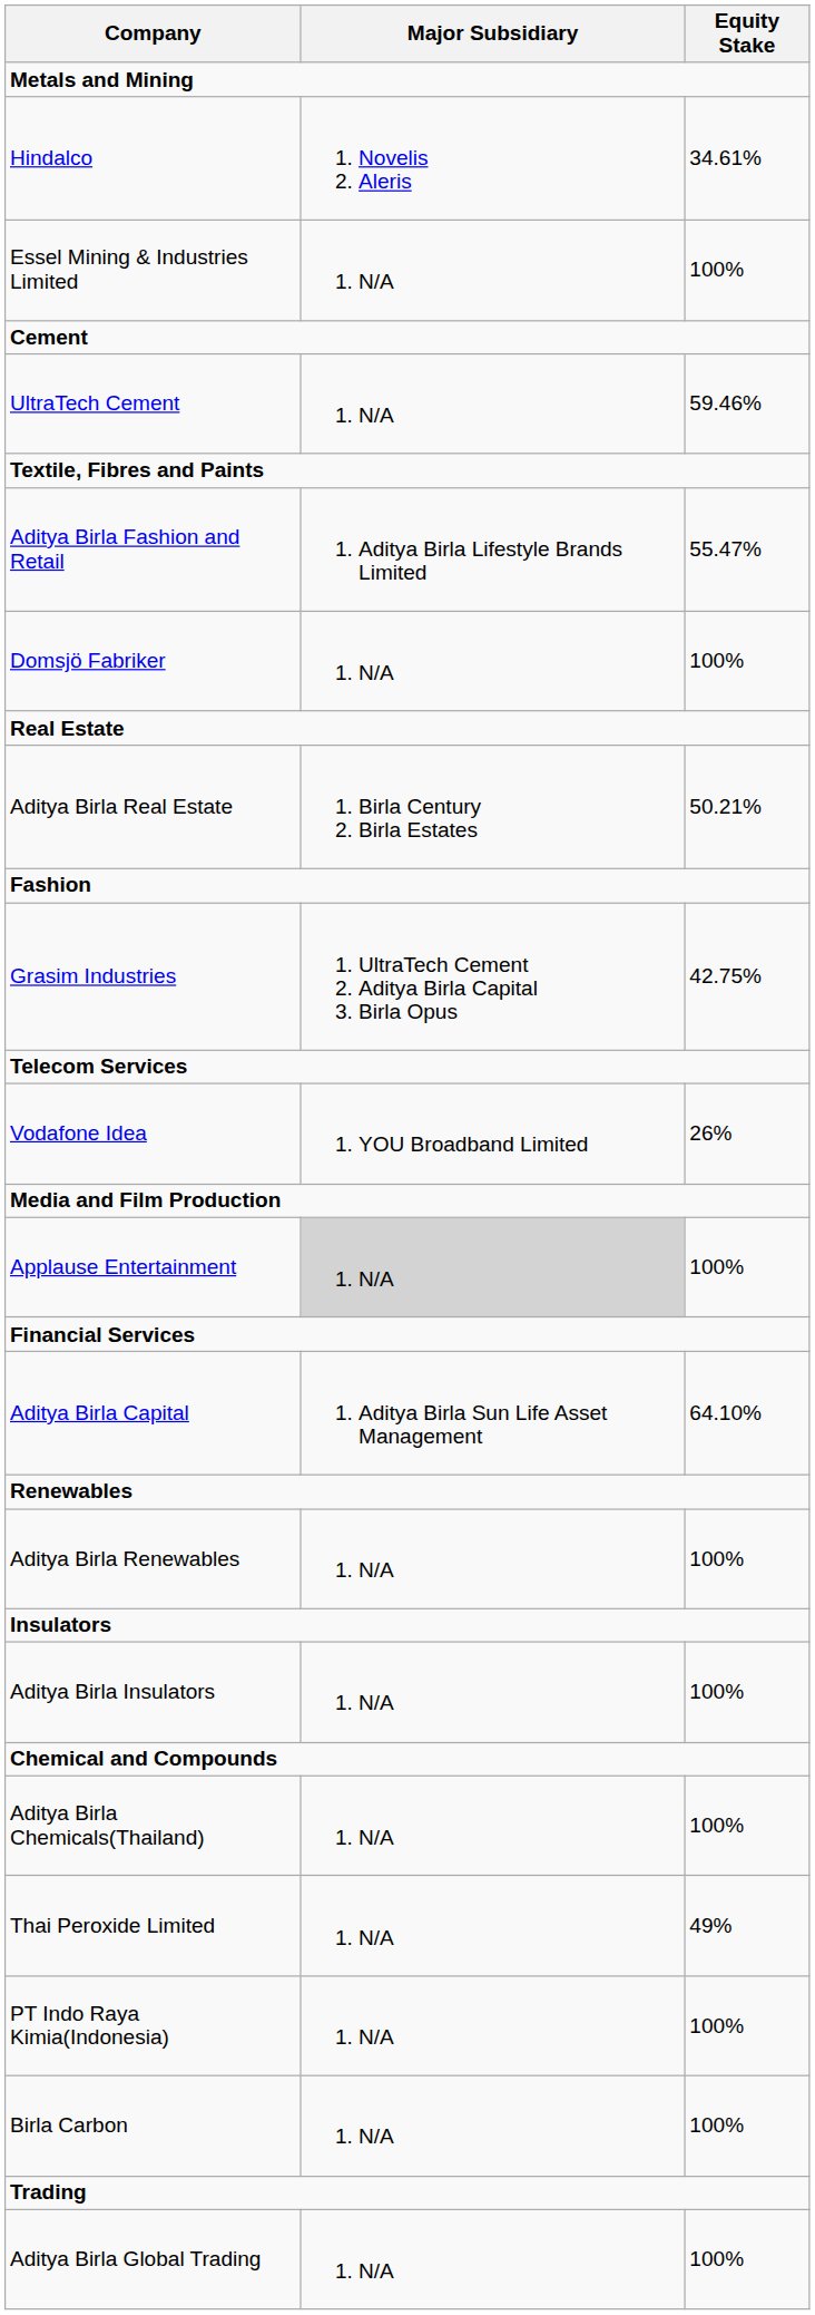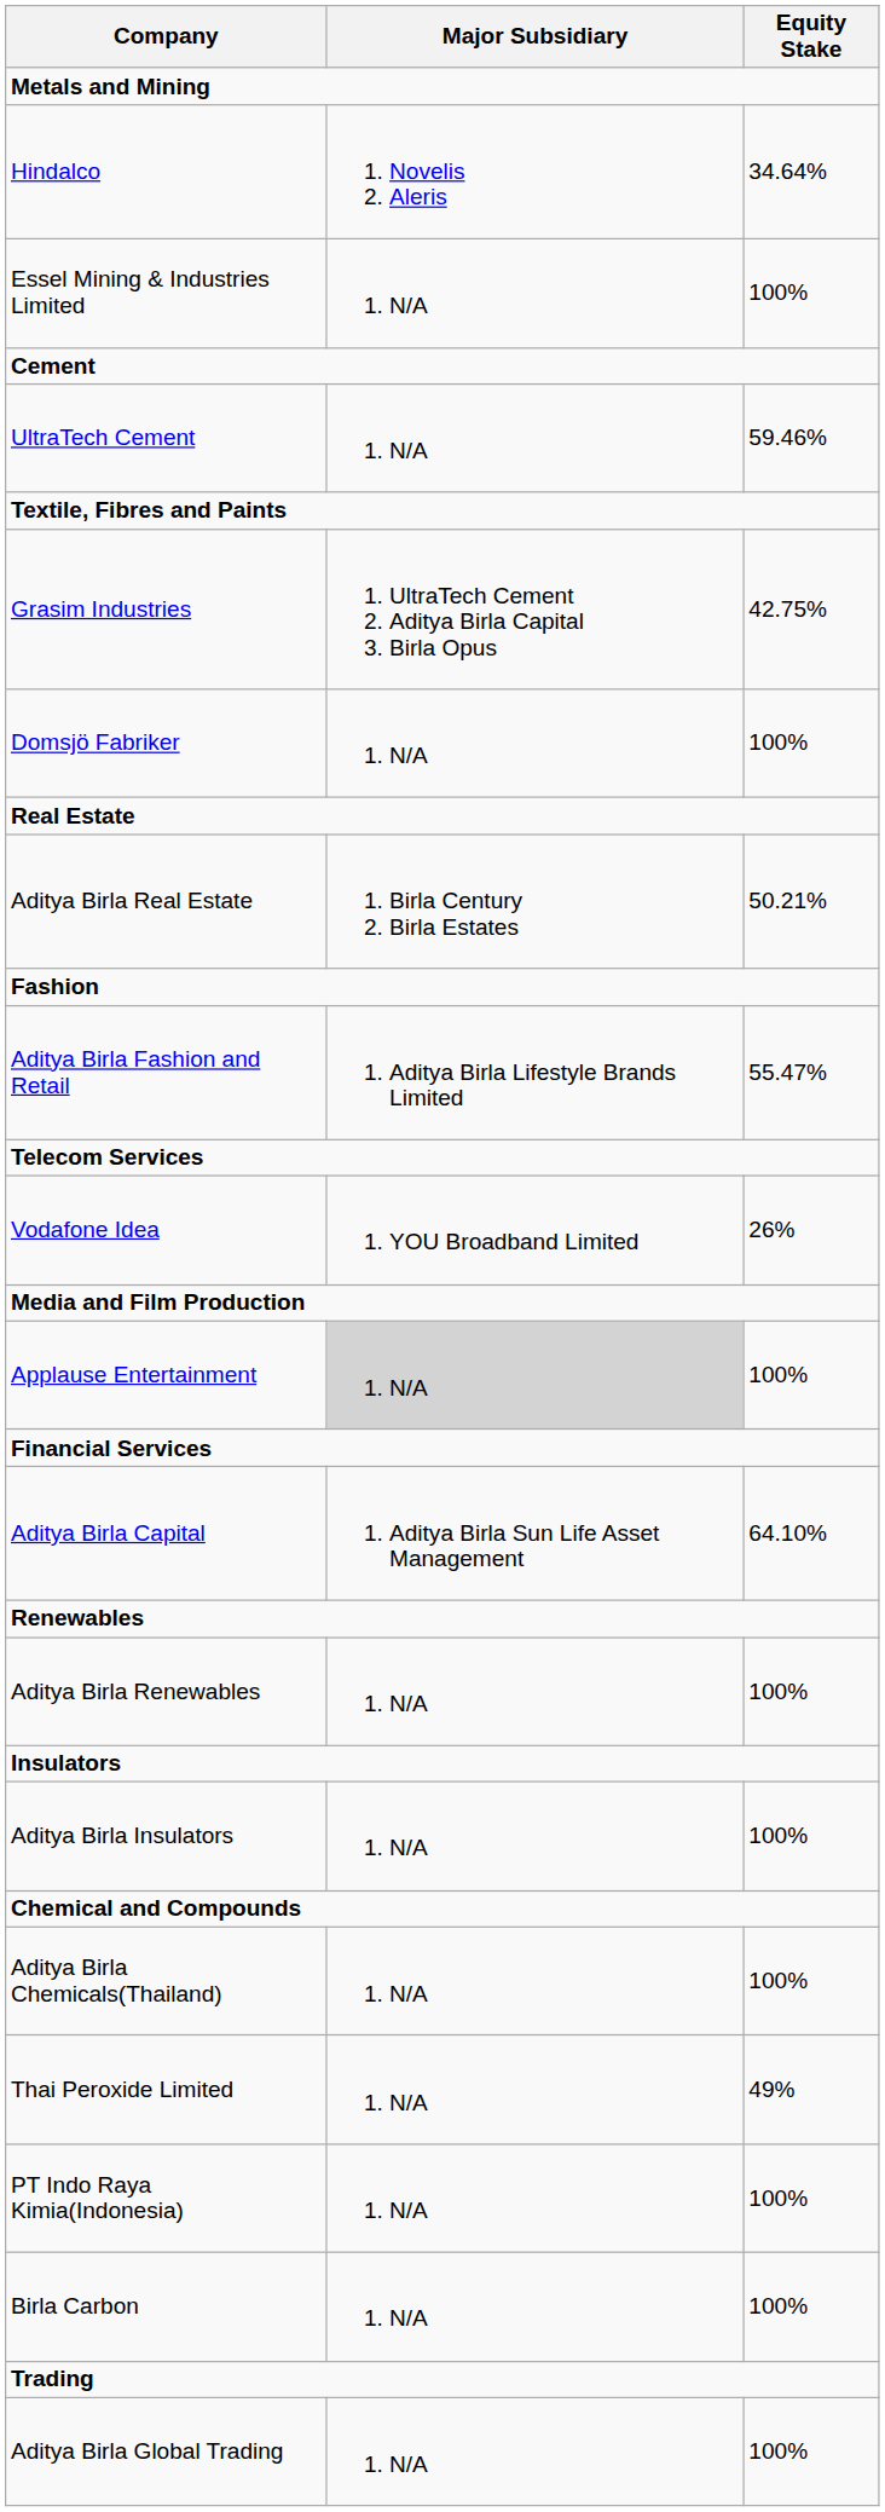 <table class="wikitable sortable">
 <tr>
 <th>Company</th>
 <th>Major Subsidiary</th>
 <th>Equity Stake</th>
 </tr>
 <tr>
 <td colspan="3"><strong>Metals and Mining</strong></td>
 </tr>
 <tr>
 <td><a href='#'>Hindalco</a></td>
 <td><br><ol><li><a href='#'>Novelis</a></li><li><a href='#'>Aleris</a></li></ol></td>
-<td>34.61%</td>
+<td>34.64%</td>
 </tr>
 <tr>
 <td>Essel Mining & Industries Limited</td>
 <td><br><ol><li>N/A</li></ol></td>
 <td>100%</td>
 </tr>
 <tr>
 <td colspan="3"><strong>Cement</strong></td>
 </tr>
 <tr>
 <td><a href='#'>UltraTech Cement</a></td>
 <td><br><ol><li>N/A</li></ol></td>
 <td>59.46%</td>
 </tr>
 <tr>
 <td colspan="3"><strong>Textile, Fibres and Paints</strong></td>
 </tr>
 <tr>
-<td><a href='#'>Aditya Birla Fashion and Retail</a></td>
-<td><br><ol><li>Aditya Birla Lifestyle Brands Limited</li></ol></td>
-<td>55.47%</td>
+<td><a href='#'>Grasim Industries</a></td>
+<td><br><ol><li>UltraTech Cement</li><li>Aditya Birla Capital</li><li>Birla Opus</li></ol></td>
+<td>42.75%</td>
 </tr>
 <tr>
 <td><a href='#'>Domsjö Fabriker</a></td>
 <td><br><ol><li>N/A</li></ol></td>
 <td>100%</td>
 </tr>
 <tr>
 <td colspan="3"><strong>Real Estate</strong></td>
 </tr>
 <tr>
 <td>Aditya Birla Real Estate</td>
 <td><br><ol><li>Birla Century</li><li>Birla Estates</li></ol></td>
 <td>50.21%</td>
 </tr>
 <tr>
 <td colspan="3"><strong>Fashion</strong></td>
 </tr>
 <tr>
-<td><a href='#'>Grasim Industries</a></td>
-<td><br><ol><li>UltraTech Cement</li><li>Aditya Birla Capital</li><li>Birla Opus</li></ol></td>
-<td>42.75%</td>
+<td><a href='#'>Aditya Birla Fashion and Retail</a></td>
+<td><br><ol><li>Aditya Birla Lifestyle Brands Limited</li></ol></td>
+<td>55.47%</td>
 </tr>
 <tr>
 <td colspan="3"><strong>Telecom Services</strong></td>
 </tr>
 <tr>
 <td><a href='#'>Vodafone Idea</a></td>
 <td><br><ol><li>YOU Broadband Limited</li></ol></td>
 <td>26%</td>
 </tr>
 <tr>
 <td colspan="3"><strong>Media and Film Production</strong></td>
 </tr>
 <tr>
 <td><a href='#'>Applause Entertainment</a></td>
 <td style="background: lightgrey;"><br><ol><li>N/A</li></ol></td>
 <td>100%</td>
 </tr>
 <tr>
 <td colspan="3"><strong>Financial Services</strong></td>
 </tr>
 <tr>
 <td><a href='#'>Aditya Birla Capital</a></td>
 <td><br><ol><li>Aditya Birla Sun Life Asset Management</li></ol></td>
 <td>64.10%</td>
 </tr>
 <tr>
 <td colspan="3"><strong>Renewables</strong></td>
 </tr>
 <tr>
 <td>Aditya Birla Renewables</td>
 <td><br><ol><li>N/A</li></ol></td>
 <td>100%</td>
 </tr>
 <tr>
 <td colspan="3"><strong>Insulators</strong></td>
 </tr>
 <tr>
 <td>Aditya Birla Insulators</td>
 <td><br><ol><li>N/A</li></ol></td>
 <td>100%</td>
 </tr>
 <tr>
 <td colspan="3"><strong>Chemical and Compounds</strong></td>
 </tr>
 <tr>
 <td>Aditya Birla Chemicals(Thailand)</td>
 <td><br><ol><li>N/A</li></ol></td>
 <td>100%</td>
 </tr>
 <tr>
 <td>Thai Peroxide Limited</td>
 <td><br><ol><li>N/A</li></ol></td>
 <td>49%</td>
 </tr>
 <tr>
 <td>PT Indo Raya Kimia(Indonesia)</td>
 <td><br><ol><li>N/A</li></ol></td>
 <td>100%</td>
 </tr>
 <tr>
 <td>Birla Carbon</td>
 <td><br><ol><li>N/A</li></ol></td>
 <td>100%</td>
 </tr>
 <tr>
 <td colspan="3"><strong>Trading</strong></td>
 </tr>
 <tr>
 <td>Aditya Birla Global Trading</td>
 <td><br><ol><li>N/A</li></ol></td>
 <td>100%</td>
 </tr>
 </table>
